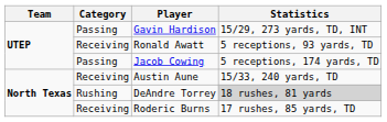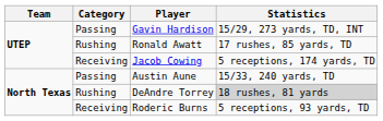 <table class="wikitable" style="float: left;">
 <tr>
 <th>Team</th>
 <th>Category</th>
 <th>Player</th>
 <th>Statistics</th>
 </tr>
 <tr>
 <td rowspan=3><strong>UTEP</strong></td>
 <td>Passing</td>
 <td><a href='#'>Gavin Hardison</a></td>
 <td>15/29, 273 yards, TD, INT</td>
 </tr>
 <tr>
-<td>Receiving</td>
+<td>Rushing</td>
 <td>Ronald Awatt</td>
-<td>5 receptions, 93 yards, TD</td>
+<td>17 rushes, 85 yards, TD</td>
 </tr>
 <tr>
-<td>Passing</td>
+<td>Receiving</td>
 <td><a href='#'>Jacob Cowing</a></td>
 <td>5 receptions, 174 yards, TD</td>
 </tr>
 <tr>
 <td rowspan=3><strong>North Texas</strong></td>
-<td>Receiving</td>
+<td>Passing</td>
 <td>Austin Aune</td>
 <td>15/33, 240 yards, TD</td>
 </tr>
 <tr>
 <td>Rushing</td>
 <td>DeAndre Torrey</td>
 <td style="background: lightgrey;">18 rushes, 81 yards</td>
 </tr>
 <tr>
 <td>Receiving</td>
 <td>Roderic Burns</td>
-<td>17 rushes, 85 yards, TD</td>
+<td>5 receptions, 93 yards, TD</td>
 </tr>
 </table>
